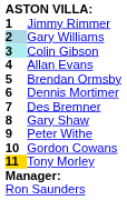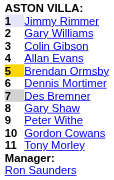 <table style="font-size: 90%" cellspacing="0" cellpadding="0" align=center>
 <tr>
 <td colspan="4"><strong>ASTON VILLA:</strong></td>
 </tr>
 <tr>
 <th width="25"></th>
 </tr>
 <tr>
-<td><strong>1</strong></td>
+<td style="background: lavender;"><strong>1</strong></td>
 <td> <a href='#'>Jimmy Rimmer</a></td>
 </tr>
 <tr>
-<td style="background: lightblue;"><strong>2</strong></td>
+<td><strong>2</strong></td>
 <td> <a href='#'>Gary Williams</a></td>
 </tr>
 <tr>
-<td style="background: paleturquoise;"><strong>3</strong></td>
+<td><strong>3</strong></td>
 <td> <a href='#'>Colin Gibson</a></td>
 </tr>
 <tr>
 <td><strong>4</strong></td>
 <td> <a href='#'>Allan Evans</a></td>
 </tr>
 <tr>
-<td><strong>5</strong></td>
+<td style="background: gold;"><strong>5</strong></td>
 <td> <a href='#'>Brendan Ormsby</a></td>
 </tr>
 <tr>
 <td><strong>6</strong></td>
 <td> <a href='#'>Dennis Mortimer</a></td>
 </tr>
 <tr>
-<td><strong>7</strong></td>
+<td style="background: lightgrey;"><strong>7</strong></td>
 <td> <a href='#'>Des Bremner</a></td>
 </tr>
 <tr>
 <td><strong>8</strong></td>
 <td> <a href='#'>Gary Shaw</a></td>
 </tr>
 <tr>
 <td><strong>9</strong></td>
 <td> <a href='#'>Peter Withe</a></td>
 </tr>
 <tr>
 <td><strong>10</strong></td>
 <td> <a href='#'>Gordon Cowans</a></td>
 </tr>
 <tr>
-<td style="background: gold;"><strong>11</strong></td>
+<td><strong>11</strong></td>
 <td> <a href='#'>Tony Morley</a></td>
 </tr>
 <tr>
 <td colspan=4><strong>Manager:</strong></td>
 </tr>
 <tr>
 <td colspan="4"> <a href='#'>Ron Saunders</a></td>
 </tr>
 </table>
